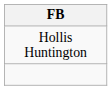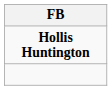 <table class="wikitable" width="120px">
 <tr>
 <th>FB</th>
 </tr>
 <tr>
-<td align="center">Hollis Huntington</td>
+<td align="center"><strong>Hollis Huntington</strong></td>
 </tr>
 <tr>
 <td align="center"> </td>
 </tr>
 </table>
